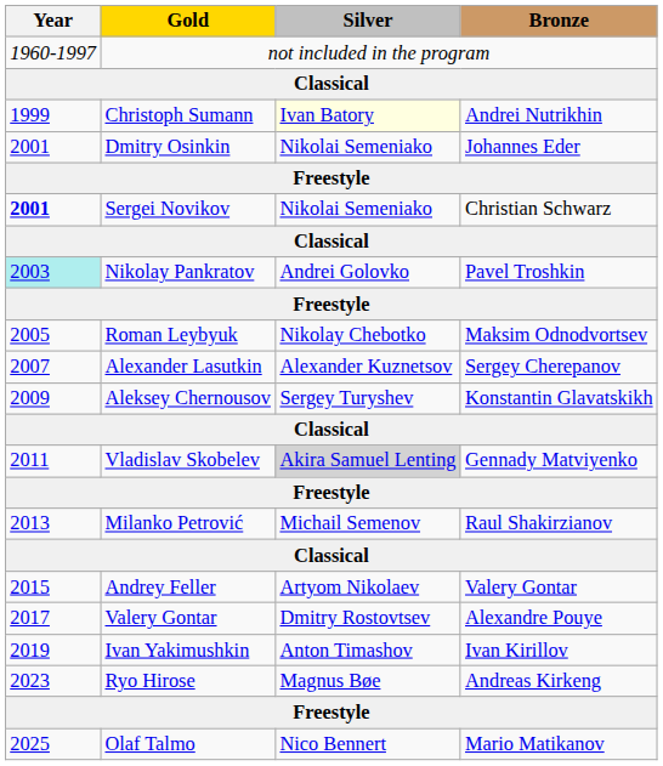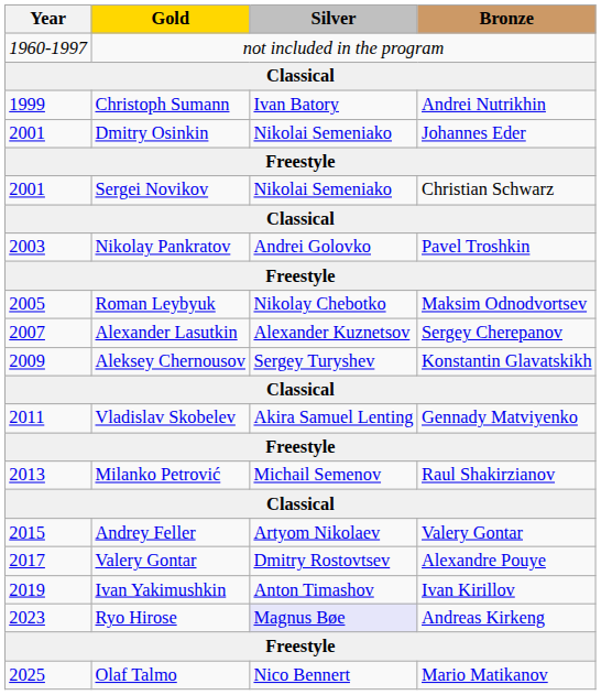 <table class="wikitable">
 <tr>
 <th>Year</th>
 <td align=center bgcolor=gold><strong>Gold</strong></td>
 <td align=center bgcolor=silver><strong>Silver</strong></td>
 <td align=center bgcolor=cc9966><strong>Bronze</strong></td>
 </tr>
 <tr>
 <td><em>1960-1997</em></td>
 <td colspan=3 align=center><em>not included in the program</em></td>
 </tr>
 <tr>
 <td colspan=4 align=center bgcolor=F0F0F0><strong>Classical</strong></td>
 </tr>
 <tr>
 <td><a href='#'>1999</a></td>
 <td> <a href='#'>Christoph Sumann</a></td>
-<td style="background: lightyellow;"> <a href='#'>Ivan Batory</a></td>
+<td> <a href='#'>Ivan Batory</a></td>
 <td> <a href='#'>Andrei Nutrikhin</a></td>
 </tr>
 <tr>
 <td><a href='#'>2001</a></td>
 <td> <a href='#'>Dmitry Osinkin</a></td>
 <td> <a href='#'>Nikolai Semeniako</a></td>
 <td> <a href='#'>Johannes Eder</a></td>
 </tr>
 <tr>
 <td colspan=4 align=center bgcolor=F0F0F0><strong>Freestyle</strong></td>
 </tr>
 <tr>
-<td><strong><a href='#'>2001</a></strong></td>
+<td><a href='#'>2001</a></td>
 <td> <a href='#'>Sergei Novikov</a></td>
 <td> <a href='#'>Nikolai Semeniako</a></td>
 <td> Christian Schwarz</td>
 </tr>
 <tr>
 <td colspan=4 align=center bgcolor=F0F0F0><strong>Classical</strong></td>
 </tr>
 <tr>
-<td style="background: paleturquoise;"><a href='#'>2003</a></td>
+<td><a href='#'>2003</a></td>
 <td> <a href='#'>Nikolay Pankratov</a></td>
 <td> <a href='#'>Andrei Golovko</a></td>
 <td> <a href='#'>Pavel Troshkin</a></td>
 </tr>
 <tr>
 <td colspan=4 align=center bgcolor=F0F0F0><strong>Freestyle</strong></td>
 </tr>
 <tr>
 <td><a href='#'>2005</a></td>
 <td> <a href='#'>Roman Leybyuk</a></td>
 <td> <a href='#'>Nikolay Chebotko</a></td>
 <td> <a href='#'>Maksim Odnodvortsev</a></td>
 </tr>
 <tr>
 <td><a href='#'>2007</a></td>
 <td> <a href='#'>Alexander Lasutkin</a></td>
 <td> <a href='#'>Alexander Kuznetsov</a></td>
 <td> <a href='#'>Sergey Cherepanov</a></td>
 </tr>
 <tr>
 <td><a href='#'>2009</a></td>
 <td> <a href='#'>Aleksey Chernousov</a></td>
 <td> <a href='#'>Sergey Turyshev</a></td>
 <td> <a href='#'>Konstantin Glavatskikh</a></td>
 </tr>
 <tr>
 <td colspan=4 align=center bgcolor=F0F0F0><strong>Classical</strong></td>
 </tr>
 <tr>
 <td><a href='#'>2011</a></td>
 <td> <a href='#'>Vladislav Skobelev</a></td>
-<td style="background: lightgrey;"> <a href='#'>Akira Samuel Lenting</a></td>
+<td> <a href='#'>Akira Samuel Lenting</a></td>
 <td> <a href='#'>Gennady Matviyenko</a></td>
 </tr>
 <tr>
 <td colspan=4 align=center bgcolor=F0F0F0><strong>Freestyle</strong></td>
 </tr>
 <tr>
 <td><a href='#'>2013</a></td>
 <td> <a href='#'>Milanko Petrović</a></td>
 <td> <a href='#'>Michail Semenov</a></td>
 <td> <a href='#'>Raul Shakirzianov</a></td>
 </tr>
 <tr>
 <td colspan=4 align=center bgcolor=F0F0F0><strong>Classical</strong></td>
 </tr>
 <tr>
 <td><a href='#'>2015</a></td>
 <td> <a href='#'>Andrey Feller</a></td>
 <td> <a href='#'>Artyom Nikolaev</a></td>
 <td> <a href='#'>Valery Gontar</a></td>
 </tr>
 <tr>
 <td><a href='#'>2017</a></td>
 <td> <a href='#'>Valery Gontar</a></td>
 <td> <a href='#'>Dmitry Rostovtsev</a></td>
 <td> <a href='#'>Alexandre Pouye</a></td>
 </tr>
 <tr>
 <td><a href='#'>2019</a></td>
 <td> <a href='#'>Ivan Yakimushkin</a></td>
 <td> <a href='#'>Anton Timashov</a></td>
 <td> <a href='#'>Ivan Kirillov</a></td>
 </tr>
 <tr>
 <td><a href='#'>2023</a></td>
 <td> <a href='#'>Ryo Hirose</a></td>
-<td> <a href='#'>Magnus Bøe</a></td>
+<td style="background: lavender;"> <a href='#'>Magnus Bøe</a></td>
 <td> <a href='#'>Andreas Kirkeng</a></td>
 </tr>
 <tr>
 <td colspan=4 align=center bgcolor=F0F0F0><strong>Freestyle</strong></td>
 </tr>
 <tr>
 <td><a href='#'>2025</a></td>
 <td> <a href='#'>Olaf Talmo</a></td>
 <td> <a href='#'>Nico Bennert</a></td>
 <td> <a href='#'>Mario Matikanov</a></td>
 </tr>
 </table>
